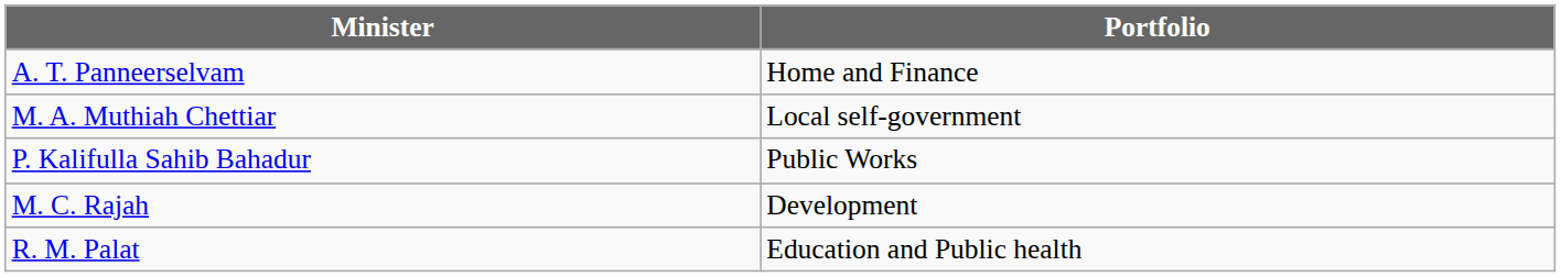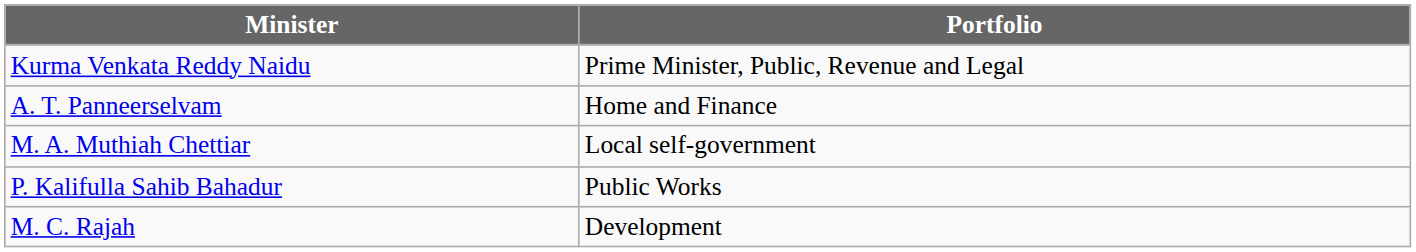 <table class="wikitable" width="70%" style="font-size: x-big; font-family: verdana">
 <tr>
 <th style="background-color:#666666; color:white">Minister</th>
 <th style="background-color:#666666; color:white">Portfolio</th>
+</tr>
+<tr -->
+<td><a href='#'>Kurma Venkata Reddy Naidu</a></td>
+<td>Prime Minister, Public, Revenue and Legal</td>
 </tr>
 <tr -->
 <td><a href='#'>A. T. Panneerselvam</a></td>
 <td>Home and Finance</td>
 </tr>
 <tr -->
 <td><a href='#'>M. A. Muthiah Chettiar</a></td>
 <td>Local self-government</td>
 </tr>
 <tr -->
 <td><a href='#'>P. Kalifulla Sahib Bahadur</a></td>
 <td>Public Works</td>
 </tr>
 <tr -->
 <td><a href='#'>M. C. Rajah</a></td>
 <td>Development</td>
 </tr>
-<tr -->
-<td><a href='#'>R. M. Palat</a></td>
-<td>Education and Public health</td>
-</tr>
 </table>
